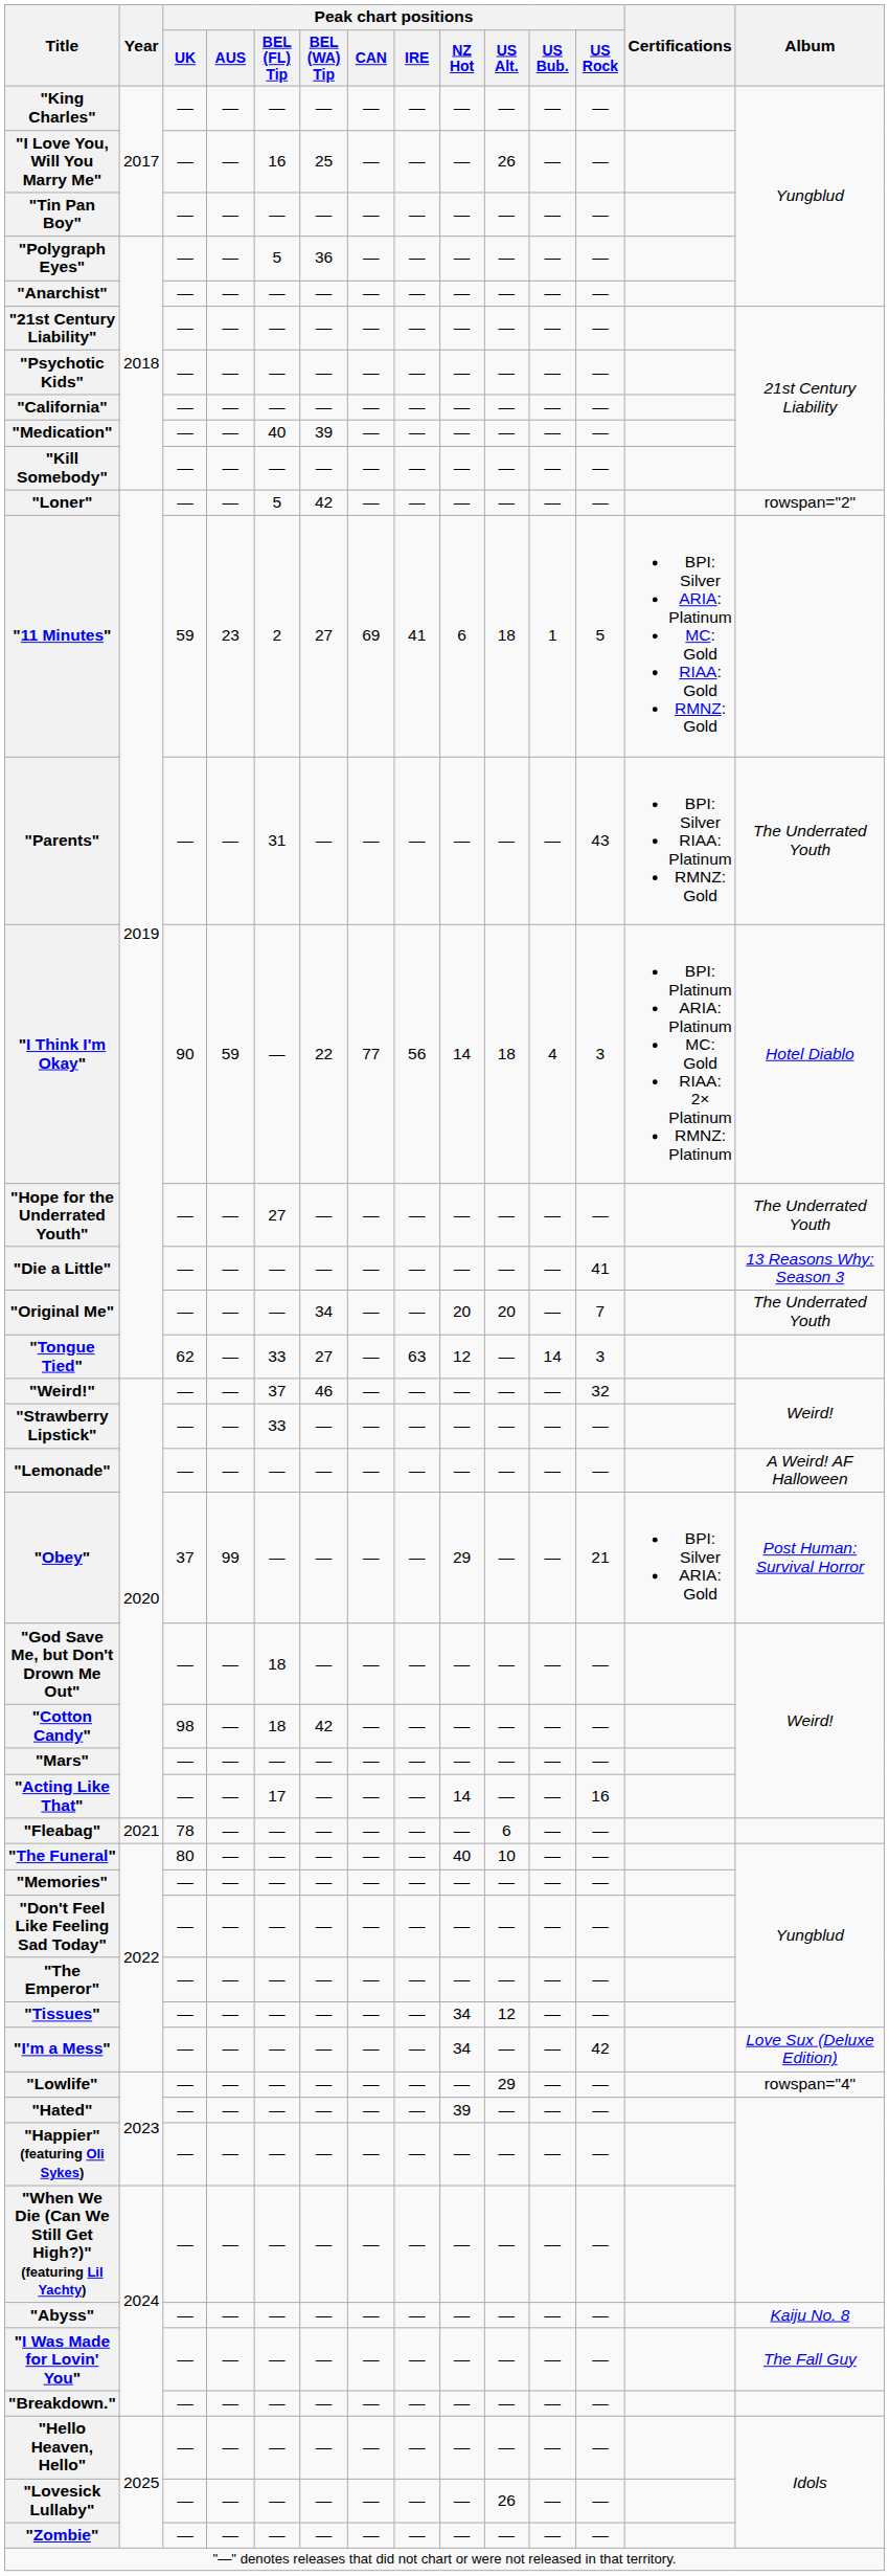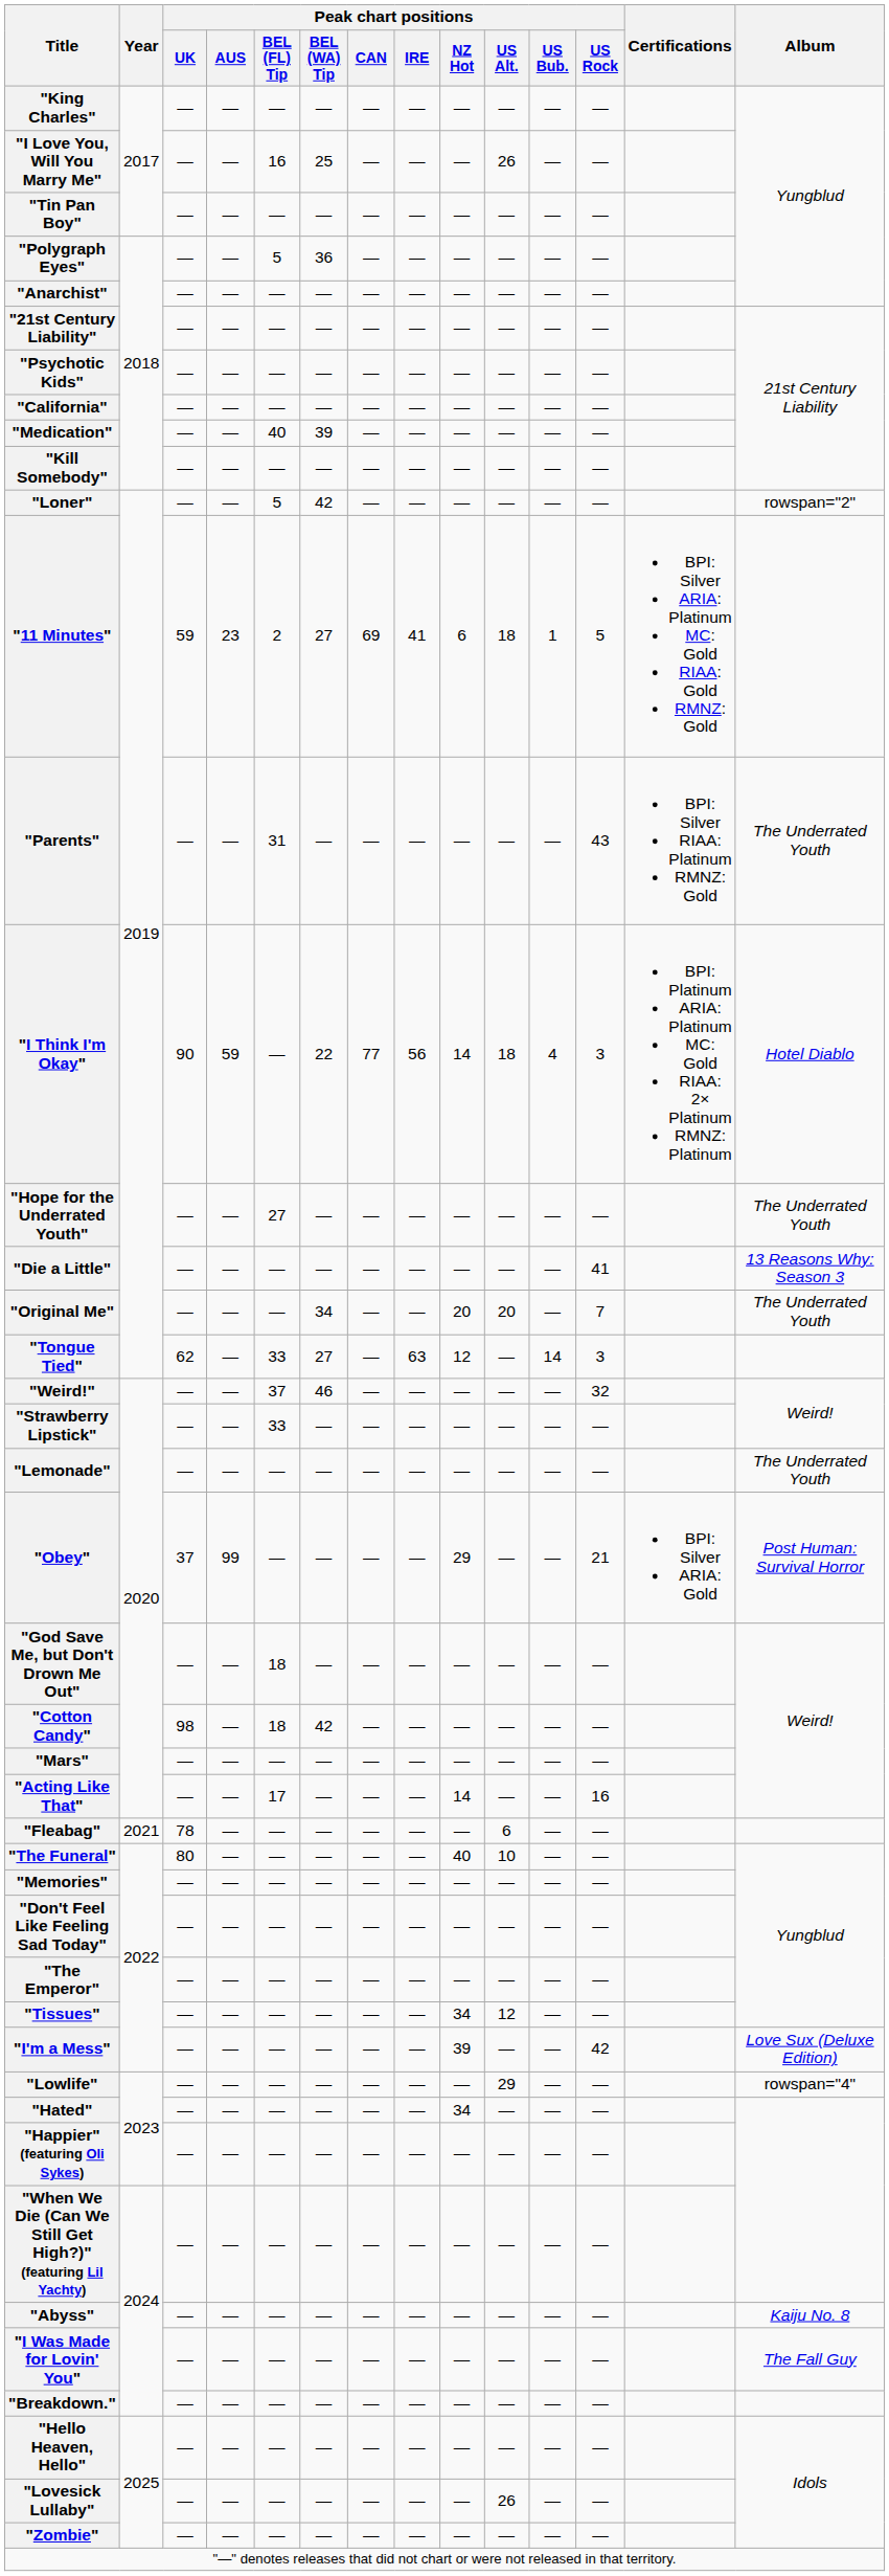 <table class="wikitable plainrowheaders" style="text-align:center;">
 <tr>
 <th scope="col" rowspan="2">Title</th>
 <th scope="col" rowspan="2">Year</th>
 <th scope="col" colspan="10">Peak chart positions</th>
 <th scope="col" rowspan="2">Certifications</th>
 <th scope="col" rowspan="2" style="width:10em;">Album</th>
 </tr>
 <tr>
 <th scope="col" style="width:3em;font-size:90%;"><a href='#'>UK</a><br></th>
 <th scope="col" style="width:3em;font-size:90%;"><a href='#'>AUS</a><br></th>
 <th scope="col" style="width:3em;font-size:90%;"><a href='#'>BEL<br>(FL)<br>Tip</a><br></th>
 <th scope="col" style="width:3em;font-size:90%;"><a href='#'>BEL<br>(WA)<br>Tip</a><br></th>
 <th scope="col" style="width:3em;font-size:90%;"><a href='#'>CAN</a><br></th>
 <th scope="col" style="width:3em;font-size:90%;"><a href='#'>IRE</a><br></th>
 <th scope="col" style="width:3em;font-size:90%;"><a href='#'>NZ<br>Hot</a><br></th>
 <th scope="col" style="width:3em;font-size:90%;"><a href='#'>US<br>Alt.</a><br></th>
 <th scope="col" style="width:3em;font-size:90%;"><a href='#'>US<br>Bub.</a><br></th>
 <th scope="col" style="width:3em;font-size:90%;"><a href='#'>US<br>Rock</a><br></th>
 </tr>
 <tr>
 <th scope="row">"King Charles"</th>
 <td rowspan="3">2017</td>
 <td>—</td>
 <td>—</td>
 <td>—</td>
 <td>—</td>
 <td>—</td>
 <td>—</td>
 <td>—</td>
 <td>—</td>
 <td>—</td>
 <td>—</td>
 <td></td>
 <td rowspan="5"><em>Yungblud</em></td>
 </tr>
 <tr>
 <th scope="row">"I Love You, Will You Marry Me"</th>
 <td>—</td>
 <td>—</td>
 <td>16</td>
 <td>25</td>
 <td>—</td>
 <td>—</td>
 <td>—</td>
 <td>26</td>
 <td>—</td>
 <td>—</td>
 <td></td>
 </tr>
 <tr>
 <th scope="row">"Tin Pan Boy"</th>
 <td>—</td>
 <td>—</td>
 <td>—</td>
 <td>—</td>
 <td>—</td>
 <td>—</td>
 <td>—</td>
 <td>—</td>
 <td>—</td>
 <td>—</td>
 <td></td>
 </tr>
 <tr>
 <th scope="row">"Polygraph Eyes"</th>
 <td rowspan="7">2018</td>
 <td>—</td>
 <td>—</td>
 <td>5</td>
 <td>36</td>
 <td>—</td>
 <td>—</td>
 <td>—</td>
 <td>—</td>
 <td>—</td>
 <td>—</td>
 <td></td>
 </tr>
 <tr>
 <th scope="row">"Anarchist"</th>
 <td>—</td>
 <td>—</td>
 <td>—</td>
 <td>—</td>
 <td>—</td>
 <td>—</td>
 <td>—</td>
 <td>—</td>
 <td>—</td>
 <td>—</td>
 <td></td>
 </tr>
 <tr>
 <th scope="row">"21st Century Liability"</th>
 <td>—</td>
 <td>—</td>
 <td>—</td>
 <td>—</td>
 <td>—</td>
 <td>—</td>
 <td>—</td>
 <td>—</td>
 <td>—</td>
 <td>—</td>
 <td></td>
 <td rowspan="5"><em>21st Century Liability</em></td>
 </tr>
 <tr>
 <th scope="row">"Psychotic Kids"</th>
 <td>—</td>
 <td>—</td>
 <td>—</td>
 <td>—</td>
 <td>—</td>
 <td>—</td>
 <td>—</td>
 <td>—</td>
 <td>—</td>
 <td>—</td>
 <td></td>
 </tr>
 <tr>
 <th scope="row">"California"</th>
 <td>—</td>
 <td>—</td>
 <td>—</td>
 <td>—</td>
 <td>—</td>
 <td>—</td>
 <td>—</td>
 <td>—</td>
 <td>—</td>
 <td>—</td>
 <td></td>
 </tr>
 <tr>
 <th scope="row">"Medication"</th>
 <td>—</td>
 <td>—</td>
 <td>40</td>
 <td>39</td>
 <td>—</td>
 <td>—</td>
 <td>—</td>
 <td>—</td>
 <td>—</td>
 <td>—</td>
 <td></td>
 </tr>
 <tr>
 <th scope="row">"Kill Somebody"</th>
 <td>—</td>
 <td>—</td>
 <td>—</td>
 <td>—</td>
 <td>—</td>
 <td>—</td>
 <td>—</td>
 <td>—</td>
 <td>—</td>
 <td>—</td>
 <td></td>
 </tr>
 <tr>
 <th scope="row">"Loner"</th>
 <td rowspan="8">2019</td>
 <td>—</td>
 <td>—</td>
 <td>5</td>
 <td>42</td>
 <td>—</td>
 <td>—</td>
 <td>—</td>
 <td>—</td>
 <td>—</td>
 <td>—</td>
 <td></td>
 <td>rowspan="2" </td>
 </tr>
 <tr>
 <th scope="row">"<a href='#'>11 Minutes</a>"<br></th>
 <td>59</td>
 <td>23</td>
 <td>2</td>
 <td>27</td>
 <td>69</td>
 <td>41</td>
 <td>6</td>
 <td>18</td>
 <td>1</td>
 <td>5</td>
 <td><br><ul><li>BPI: Silver</li><li><a href='#'>ARIA</a>: Platinum</li><li><a href='#'>MC</a>: Gold</li><li><a href='#'>RIAA</a>: Gold</li><li><a href='#'>RMNZ</a>: Gold</li></ul></td>
 </tr>
 <tr>
 <th scope="row">"Parents"</th>
 <td>—</td>
 <td>—</td>
 <td>31</td>
 <td>—</td>
 <td>—</td>
 <td>—</td>
 <td>—</td>
 <td>—</td>
 <td>—</td>
 <td>43</td>
 <td><br><ul><li>BPI: Silver</li><li>RIAA: Platinum</li><li>RMNZ: Gold</li></ul></td>
 <td><em>The Underrated Youth</em></td>
 </tr>
 <tr>
 <th scope="row">"<a href='#'>I Think I'm Okay</a>"<br></th>
 <td>90</td>
 <td>59</td>
 <td>—</td>
 <td>22</td>
 <td>77</td>
 <td>56</td>
 <td>14</td>
 <td>18</td>
 <td>4</td>
 <td>3</td>
 <td><br><ul><li>BPI: Platinum</li><li>ARIA: Platinum</li><li>MC: Gold</li><li>RIAA: 2× Platinum</li><li>RMNZ: Platinum</li></ul></td>
 <td><em><a href='#'>Hotel Diablo</a></em></td>
 </tr>
 <tr>
 <th scope="row">"Hope for the Underrated Youth"</th>
 <td>—</td>
 <td>—</td>
 <td>27</td>
 <td>—</td>
 <td>—</td>
 <td>—</td>
 <td>—</td>
 <td>—</td>
 <td>—</td>
 <td>—</td>
 <td></td>
 <td><em>The Underrated Youth</em></td>
 </tr>
 <tr>
 <th scope="row">"Die a Little"</th>
 <td>—</td>
 <td>—</td>
 <td>—</td>
 <td>—</td>
 <td>—</td>
 <td>—</td>
 <td>—</td>
 <td>—</td>
 <td>—</td>
 <td>41</td>
 <td></td>
 <td><em><a href='#'>13 Reasons Why: Season 3</a></em></td>
 </tr>
 <tr>
 <th scope="row">"Original Me"<br></th>
 <td>—</td>
 <td>—</td>
 <td>—</td>
 <td>34</td>
 <td>—</td>
 <td>—</td>
 <td>20</td>
 <td>20</td>
 <td>—</td>
 <td>7</td>
 <td></td>
 <td><em>The Underrated Youth</em></td>
 </tr>
 <tr>
 <th scope="row">"<a href='#'>Tongue Tied</a>"<br></th>
 <td>62</td>
 <td>—</td>
 <td>33</td>
 <td>27</td>
 <td>—</td>
 <td>63</td>
 <td>12</td>
 <td>—</td>
 <td>14</td>
 <td>3</td>
 <td></td>
 <td></td>
 </tr>
 <tr>
 <th scope="row">"Weird!"</th>
 <td rowspan="8">2020</td>
 <td>—</td>
 <td>—</td>
 <td>37</td>
 <td>46</td>
 <td>—</td>
 <td>—</td>
 <td>—</td>
 <td>—</td>
 <td>—</td>
 <td>32</td>
 <td></td>
 <td rowspan="2"><em>Weird!</em></td>
 </tr>
 <tr>
 <th scope="row">"Strawberry Lipstick"</th>
 <td>—</td>
 <td>—</td>
 <td>33</td>
 <td>—</td>
 <td>—</td>
 <td>—</td>
 <td>—</td>
 <td>—</td>
 <td>—</td>
 <td>—</td>
 <td></td>
 </tr>
 <tr>
 <th scope="row">"Lemonade"<br></th>
 <td>—</td>
 <td>—</td>
 <td>—</td>
 <td>—</td>
 <td>—</td>
 <td>—</td>
 <td>—</td>
 <td>—</td>
 <td>—</td>
 <td>—</td>
 <td></td>
-<td><em>A Weird! AF Halloween</em></td>
+<td><em>The Underrated Youth</em></td>
 </tr>
 <tr>
 <th scope="row">"<a href='#'>Obey</a>"<br></th>
 <td>37</td>
 <td>99</td>
 <td>—</td>
 <td>—</td>
 <td>—</td>
 <td>—</td>
 <td>29</td>
 <td>—</td>
 <td>—</td>
 <td>21</td>
 <td><br><ul><li>BPI: Silver</li><li>ARIA: Gold</li></ul></td>
 <td><em><a href='#'>Post Human: Survival Horror</a></em></td>
 </tr>
 <tr>
 <th scope="row">"God Save Me, but Don't Drown Me Out"</th>
 <td>—</td>
 <td>—</td>
 <td>18</td>
 <td>—</td>
 <td>—</td>
 <td>—</td>
 <td>—</td>
 <td>—</td>
 <td>—</td>
 <td>—</td>
 <td></td>
 <td rowspan="4"><em>Weird!</em></td>
 </tr>
 <tr>
 <th scope="row">"<a href='#'>Cotton Candy</a>"</th>
 <td>98</td>
 <td>—</td>
 <td>18</td>
 <td>42</td>
 <td>—</td>
 <td>—</td>
 <td>—</td>
 <td>—</td>
 <td>—</td>
 <td>—</td>
 <td></td>
 </tr>
 <tr>
 <th scope="row">"Mars"</th>
 <td>—</td>
 <td>—</td>
 <td>—</td>
 <td>—</td>
 <td>—</td>
 <td>—</td>
 <td>—</td>
 <td>—</td>
 <td>—</td>
 <td>—</td>
 <td></td>
 </tr>
 <tr>
 <th scope="row">"<a href='#'>Acting Like That</a>"<br></th>
 <td>—</td>
 <td>—</td>
 <td>17</td>
 <td>—</td>
 <td>—</td>
 <td>—</td>
 <td>14</td>
 <td>—</td>
 <td>—</td>
 <td>16</td>
 <td></td>
 </tr>
 <tr>
 <th scope="row">"Fleabag"</th>
 <td>2021</td>
 <td>78</td>
 <td>—</td>
 <td>—</td>
 <td>—</td>
 <td>—</td>
 <td>—</td>
 <td>—</td>
 <td>6</td>
 <td>—</td>
 <td>—</td>
 <td></td>
 <td></td>
 </tr>
 <tr>
 <th scope="row">"<a href='#'>The Funeral</a>"</th>
 <td rowspan="6">2022</td>
 <td>80</td>
 <td>—</td>
 <td>—</td>
 <td>—</td>
 <td>—</td>
 <td>—</td>
 <td>40</td>
 <td>10</td>
 <td>—</td>
 <td>—</td>
 <td></td>
 <td rowspan="5"><em>Yungblud</em></td>
 </tr>
 <tr>
 <th scope="row">"Memories"<br></th>
 <td>—</td>
 <td>—</td>
 <td>—</td>
 <td>—</td>
 <td>—</td>
 <td>—</td>
 <td>—</td>
 <td>—</td>
 <td>—</td>
 <td>—</td>
 </tr>
 <tr>
 <th scope="row">"Don't Feel Like Feeling Sad Today"</th>
 <td>—</td>
 <td>—</td>
 <td>—</td>
 <td>—</td>
 <td>—</td>
 <td>—</td>
 <td>—</td>
 <td>—</td>
 <td>—</td>
 <td>—</td>
 <td></td>
 </tr>
 <tr>
 <th scope="row">"The Emperor"</th>
 <td>—</td>
 <td>—</td>
 <td>—</td>
 <td>—</td>
 <td>—</td>
 <td>—</td>
 <td>—</td>
 <td>—</td>
 <td>—</td>
 <td>—</td>
 <td></td>
 </tr>
 <tr>
 <th scope="row">"<a href='#'>Tissues</a>"<br></th>
 <td>—</td>
 <td>—</td>
 <td>—</td>
 <td>—</td>
 <td>—</td>
 <td>—</td>
 <td>34</td>
 <td>12</td>
 <td>—</td>
 <td>—</td>
 <td></td>
 </tr>
 <tr>
 <th scope="row">"<a href='#'>I'm a Mess</a>"<br></th>
 <td>—</td>
 <td>—</td>
 <td>—</td>
 <td>—</td>
 <td>—</td>
 <td>—</td>
-<td>34</td>
+<td>39</td>
 <td>—</td>
 <td>—</td>
 <td>42</td>
 <td></td>
 <td><em><a href='#'>Love Sux (Deluxe Edition)</a></em></td>
 </tr>
 <tr>
 <th scope="row">"Lowlife"</th>
 <td rowspan="3">2023</td>
 <td>—</td>
 <td>—</td>
 <td>—</td>
 <td>—</td>
 <td>—</td>
 <td>—</td>
 <td>—</td>
 <td>29</td>
 <td>—</td>
 <td>—</td>
 <td></td>
 <td>rowspan="4" </td>
 </tr>
 <tr>
 <th scope="row">"Hated"</th>
 <td>—</td>
 <td>—</td>
 <td>—</td>
 <td>—</td>
 <td>—</td>
 <td>—</td>
-<td>39</td>
+<td>34</td>
 <td>—</td>
 <td>—</td>
 <td>—</td>
 <td></td>
 </tr>
 <tr>
 <th scope="row">"Happier"<br><small>(featuring <a href='#'>Oli Sykes</a>)</small></th>
 <td>—</td>
 <td>—</td>
 <td>—</td>
 <td>—</td>
 <td>—</td>
 <td>—</td>
 <td>—</td>
 <td>—</td>
 <td>—</td>
 <td>—</td>
 <td></td>
 </tr>
 <tr>
 <th scope="row">"When We Die (Can We Still Get High?)" <br><small>(featuring <a href='#'>Lil Yachty</a>)</small></th>
 <td rowspan="4">2024</td>
 <td>—</td>
 <td>—</td>
 <td>—</td>
 <td>—</td>
 <td>—</td>
 <td>—</td>
 <td>—</td>
 <td>—</td>
 <td>—</td>
 <td>—</td>
 <td></td>
 </tr>
 <tr>
 <th scope="row">"Abyss"</th>
 <td>—</td>
 <td>—</td>
 <td>—</td>
 <td>—</td>
 <td>—</td>
 <td>—</td>
 <td>—</td>
 <td>—</td>
 <td>—</td>
 <td>—</td>
 <td></td>
 <td><em><a href='#'>Kaiju No. 8</a></em></td>
 </tr>
 <tr>
 <th scope="row">"<a href='#'>I Was Made for Lovin' You</a>"</th>
 <td>—</td>
 <td>—</td>
 <td>—</td>
 <td>—</td>
 <td>—</td>
 <td>—</td>
 <td>—</td>
 <td>—</td>
 <td>—</td>
 <td>—</td>
 <td></td>
 <td><em><a href='#'>The Fall Guy</a></em></td>
 </tr>
 <tr>
 <th scope="row">"Breakdown."</th>
 <td>—</td>
 <td>—</td>
 <td>—</td>
 <td>—</td>
 <td>—</td>
 <td>—</td>
 <td>—</td>
 <td>—</td>
 <td>—</td>
 <td>—</td>
 <td></td>
 <td></td>
 </tr>
 <tr>
 <th scope="row">"Hello Heaven, Hello"</th>
 <td rowspan="3">2025</td>
 <td>—</td>
 <td>—</td>
 <td>—</td>
 <td>—</td>
 <td>—</td>
 <td>—</td>
 <td>—</td>
 <td>—</td>
 <td>—</td>
 <td>—</td>
 <td></td>
 <td rowspan="3"><em>Idols</em></td>
 </tr>
 <tr>
 <th scope="row">"Lovesick Lullaby"</th>
 <td>—</td>
 <td>—</td>
 <td>—</td>
 <td>—</td>
 <td>—</td>
 <td>—</td>
 <td>—</td>
 <td>26</td>
 <td>—</td>
 <td>—</td>
 <td></td>
 </tr>
 <tr>
 <th scope="row">"<a href='#'>Zombie</a>"</th>
 <td>—</td>
 <td>—</td>
 <td>—</td>
 <td>—</td>
 <td>—</td>
 <td>—</td>
 <td>—</td>
 <td>—</td>
 <td>—</td>
 <td>—</td>
 <td></td>
 </tr>
 <tr>
 <td colspan="14" style="font-size:85%;">"—" denotes releases that did not chart or were not released in that territory.</td>
 </tr>
 </table>
